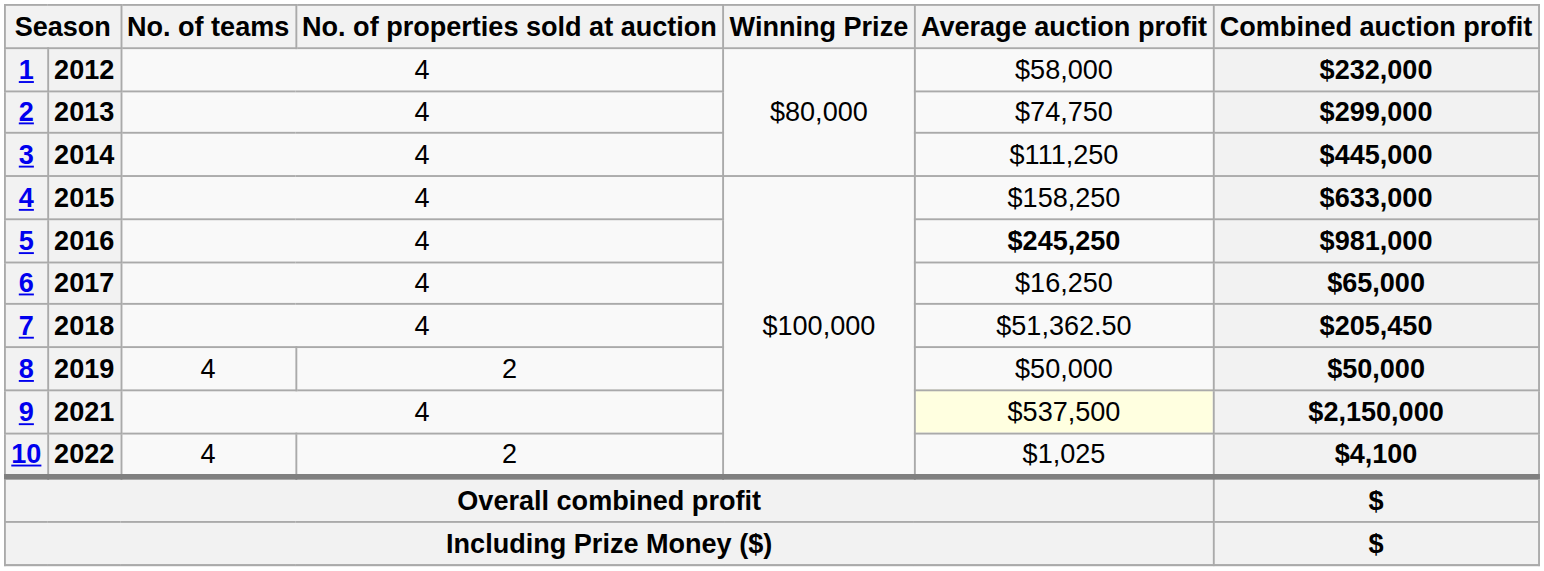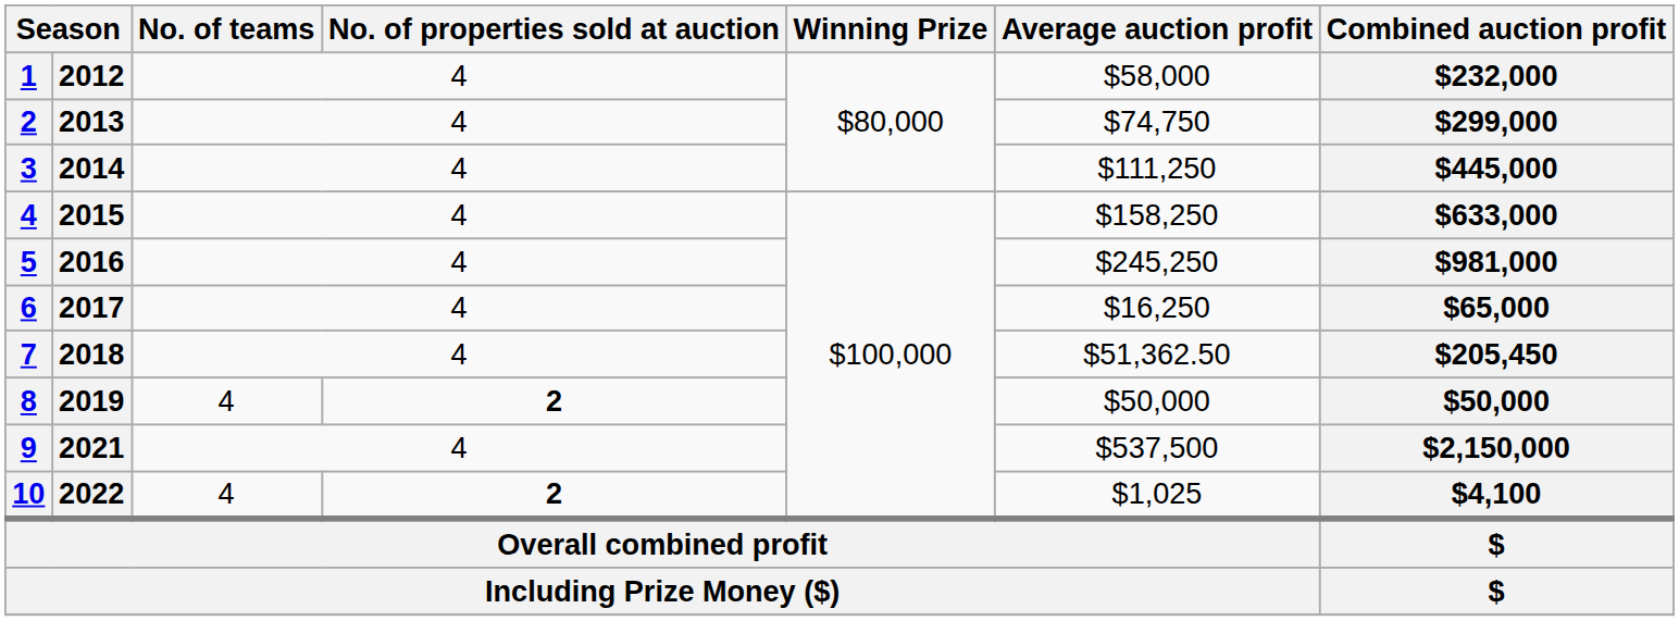 <table class="wikitable plainrowheaders" style="text-align: center; font-size:90%;">
 <tr>
 <th colspan="2">Season</th>
 <th>No. of teams</th>
 <th>No. of properties sold at auction</th>
 <th>Winning Prize</th>
 <th>Average auction profit</th>
 <th>Combined auction profit</th>
 </tr>
 <tr>
 <th><a href='#'>1</a></th>
 <th>2012</th>
 <td colspan="2">4</td>
 <td rowspan="3">$80,000</td>
 <td>$58,000</td>
 <th>$232,000</th>
 </tr>
 <tr>
 <th><a href='#'>2</a></th>
 <th>2013</th>
 <td colspan="2">4</td>
 <td>$74,750</td>
 <th>$299,000</th>
 </tr>
 <tr>
 <th><a href='#'>3</a></th>
 <th>2014</th>
 <td colspan="2">4</td>
 <td>$111,250</td>
 <th>$445,000</th>
 </tr>
 <tr>
 <th><a href='#'>4</a></th>
 <th>2015</th>
 <td colspan="2">4</td>
 <td rowspan="7">$100,000</td>
 <td>$158,250</td>
 <th>$633,000</th>
 </tr>
 <tr>
 <th><a href='#'>5</a></th>
 <th>2016</th>
 <td colspan="2">4</td>
-<td><strong>$245,250</strong></td>
+<td>$245,250</td>
 <th>$981,000</th>
 </tr>
 <tr>
 <th><a href='#'>6</a></th>
 <th>2017</th>
 <td colspan="2">4</td>
 <td>$16,250</td>
 <th>$65,000</th>
 </tr>
 <tr>
 <th><a href='#'>7</a></th>
 <th>2018</th>
 <td colspan="2">4</td>
 <td>$51,362.50</td>
 <th>$205,450</th>
 </tr>
 <tr>
 <th><a href='#'>8</a></th>
 <th>2019</th>
 <td>4</td>
-<td>2</td>
+<td><strong>2</strong></td>
 <td>$50,000</td>
 <th>$50,000</th>
 </tr>
 <tr>
 <th><a href='#'>9</a></th>
 <th>2021</th>
 <td colspan=2>4</td>
-<td style="background: lightyellow;">$537,500</td>
+<td>$537,500</td>
 <th>$2,150,000</th>
 </tr>
 <tr>
 <th><a href='#'>10</a></th>
 <th>2022</th>
 <td>4</td>
-<td>2</td>
+<td><strong>2</strong></td>
 <td>$1,025</td>
 <th>$4,100</th>
 </tr>
 <tr style="border-top:3px solid gray; font-weight:bold;">
 <th colspan="6">Overall combined profit</th>
 <th>$</th>
 </tr>
 <tr>
 <th colspan="6">Including Prize Money ($)</th>
 <th>$</th>
 </tr>
 <tr>
 </tr>
 </table>
